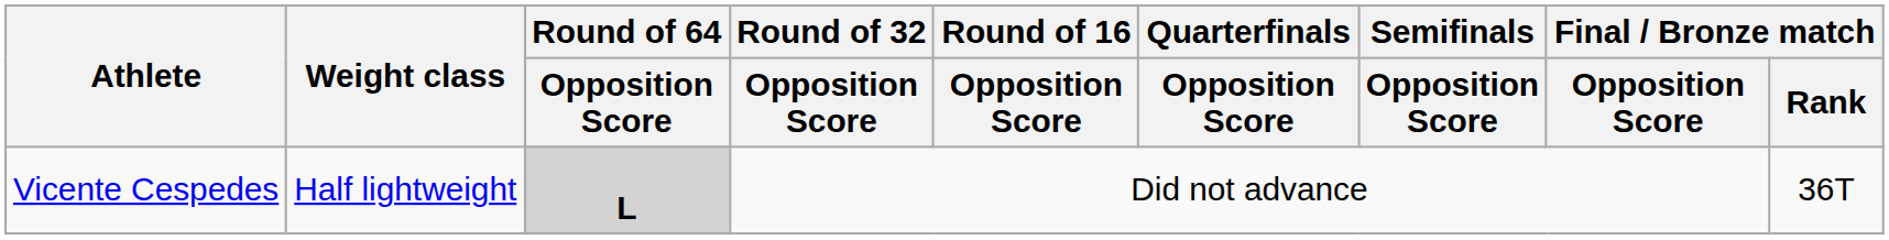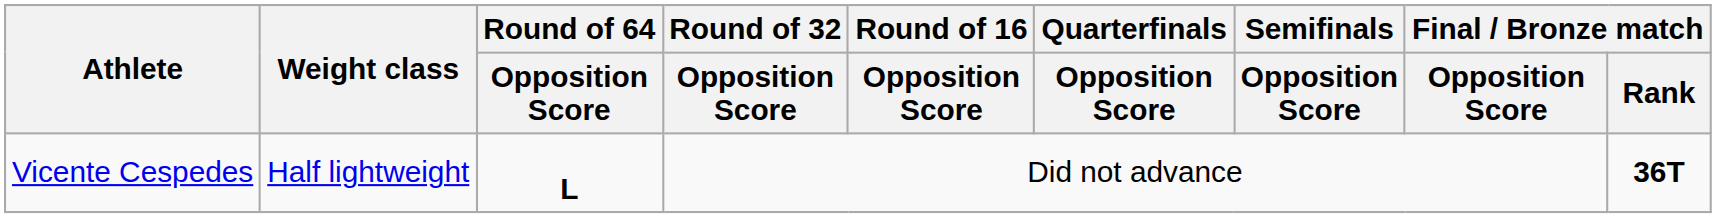 <table class=wikitable style="font-size:90%">
 <tr>
 <th rowspan="2">Athlete</th>
 <th rowspan="2">Weight class</th>
 <th>Round of 64</th>
 <th>Round of 32</th>
 <th>Round of 16</th>
 <th>Quarterfinals</th>
 <th>Semifinals</th>
 <th colspan="2">Final / Bronze match</th>
 </tr>
 <tr>
 <th>Opposition<br>Score</th>
 <th>Opposition<br>Score</th>
 <th>Opposition<br>Score</th>
 <th>Opposition<br>Score</th>
 <th>Opposition<br>Score</th>
 <th>Opposition<br>Score</th>
 <th>Rank</th>
 </tr>
 <tr>
 <td><a href='#'>Vicente Cespedes</a></td>
 <td><a href='#'>Half lightweight</a></td>
-<td align=center style="background: lightgrey;"> <br> <strong>L</strong></td>
+<td align=center> <br> <strong>L</strong></td>
 <td align=center colspan=5>Did not advance</td>
-<td align=center>36T</td>
+<td align=center><strong>36T</strong></td>
 </tr>
 </table>
